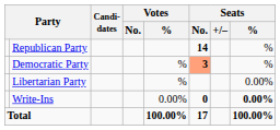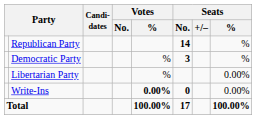 <table class="wikitable" style="font-size:100%; text-align:right;">
 <tr>
 <th colspan=2 rowspan=2>Party</th>
 <th rowspan=2><small>Candi-<br>dates</small></th>
 <th colspan=2>Votes</th>
 <th colspan=3>Seats</th>
 </tr>
 <tr>
 <th>No.</th>
 <th>%</th>
 <th>No.</th>
 <th>+/–</th>
 <th>%</th>
 </tr>
 <tr>
 <td style="background:"></td>
 <td align=left><a href='#'>Republican Party</a></td>
 <td></td>
 <td></td>
 <td></td>
 <td><strong>14</strong></td>
 <td></td>
 <td>%</td>
 </tr>
 <tr>
 <td style="background:"></td>
 <td align=left><a href='#'>Democratic Party</a></td>
 <td></td>
 <td></td>
 <td>%</td>
-<td style="background: lightsalmon;"><strong>3</strong></td>
+<td><strong>3</strong></td>
 <td></td>
 <td>%</td>
 </tr>
 <tr>
 <td style="background:"></td>
 <td align=left><a href='#'>Libertarian Party</a></td>
 <td></td>
 <td></td>
 <td>%</td>
 <td></td>
 <td></td>
 <td>0.00%</td>
 </tr>
 <tr>
 <td style="background:"></td>
 <td align=left><a href='#'>Write-Ins</a></td>
 <td></td>
 <td></td>
-<td>0.00%</td>
+<td><strong>0.00%</strong></td>
 <td><strong>0</strong></td>
 <td></td>
-<td><strong>0.00%</strong></td>
+<td>0.00%</td>
 </tr>
 <tr style="font-weight:bold">
 <td colspan=2 align=left>Total</td>
 <td></td>
 <td></td>
 <td>100.00%</td>
 <td>17</td>
 <td></td>
 <td>100.00%</td>
 </tr>
 </table>
